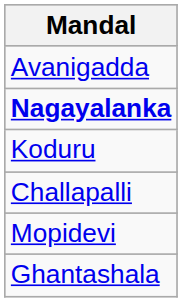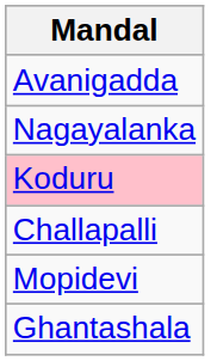 <table class="wikitable sortable static-row-numbers static-row-header-hash">
 <tr>
 <th>Mandal</th>
 </tr>
 <tr>
 <td><a href='#'>Avanigadda</a></td>
 </tr>
 <tr>
-<td><strong><a href='#'>Nagayalanka</a></strong></td>
+<td><a href='#'>Nagayalanka</a></td>
 </tr>
 <tr>
-<td><a href='#'>Koduru</a></td>
+<td style="background: pink;"><a href='#'>Koduru</a></td>
 </tr>
 <tr>
 <td><a href='#'>Challapalli</a></td>
 </tr>
 <tr>
 <td><a href='#'>Mopidevi</a></td>
 </tr>
 <tr>
 <td><a href='#'>Ghantashala</a></td>
 </tr>
 </table>
